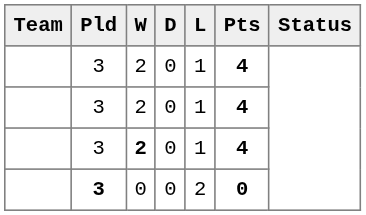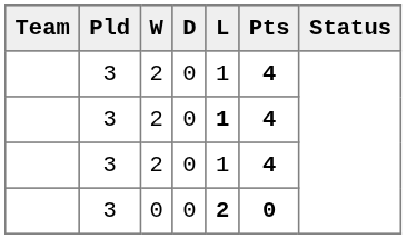 <table style=border-collapse:collapse border=1 cellspacing=0 cellpadding=5>
 <tr align=center bgcolor=#efefef>
 <th>Team</th>
 <th>Pld</th>
 <th>W</th>
 <th>D</th>
 <th>L</th>
 <th>Pts</th>
 <th>Status</th>
 </tr>
 <tr align=center style="background:#FFFFFF;">
 <td style="text-align:left;"> </td>
 <td>3</td>
 <td>2</td>
 <td>0</td>
 <td>1</td>
 <td><strong>4</strong></td>
 <td rowspan=4></td>
 </tr>
 <tr align=center style="background:#FFFFFF;">
 <td style="text-align:left;"> </td>
 <td>3</td>
 <td>2</td>
 <td>0</td>
+<td><strong>1</strong></td>
+<td><strong>4</strong></td>
+</tr>
+<tr align=center style="background:#FFFFFF;">
+<td style="text-align:left;"> </td>
+<td>3</td>
+<td>2</td>
+<td>0</td>
 <td>1</td>
 <td><strong>4</strong></td>
 </tr>
 <tr align=center style="background:#FFFFFF;">
 <td style="text-align:left;"> </td>
 <td>3</td>
-<td><strong>2</strong></td>
-<td>0</td>
-<td>1</td>
-<td><strong>4</strong></td>
-</tr>
-<tr align=center style="background:#FFFFFF;">
-<td style="text-align:left;"> </td>
-<td><strong>3</strong></td>
 <td>0</td>
 <td>0</td>
-<td>2</td>
+<td><strong>2</strong></td>
 <td><strong>0</strong></td>
 </tr>
 </table>
